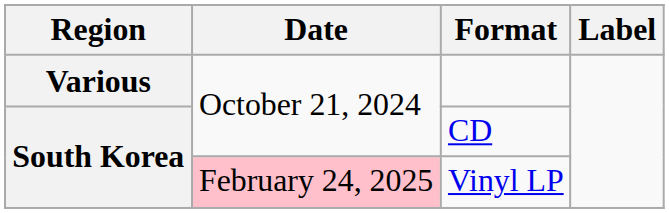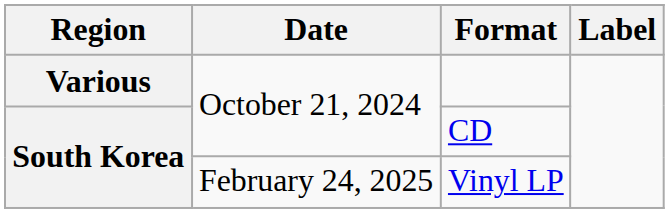 <table class="wikitable plainrowheaders">
 <tr>
 <th scope="col">Region</th>
 <th scope="col">Date</th>
 <th scope="col">Format</th>
 <th scope="col">Label</th>
 </tr>
 <tr>
 <th scope="row">Various </th>
 <td rowspan="2">October 21, 2024</td>
 <td></td>
 <td rowspan="3"></td>
 </tr>
 <tr>
 <th scope="row" rowspan="2">South Korea</th>
 <td><a href='#'>CD</a></td>
 </tr>
 <tr>
-<td style="background: pink;">February 24, 2025</td>
+<td>February 24, 2025</td>
 <td><a href='#'>Vinyl LP</a></td>
 </tr>
 </table>
